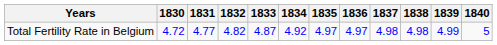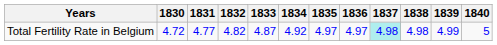 <table class="wikitable " style="text-align:right">
 <tr>
 <th>Years</th>
 <th>1830</th>
 <th>1831</th>
 <th>1832</th>
 <th>1833</th>
 <th>1834</th>
 <th>1835</th>
 <th>1836</th>
 <th>1837</th>
 <th>1838</th>
 <th>1839</th>
 <th>1840</th>
 </tr>
 <tr>
 <td align="left">Total Fertility Rate in Belgium</td>
 <td style="text-align:right; color:blue;">4.72</td>
 <td style="text-align:right; color:blue;">4.77</td>
 <td style="text-align:right; color:blue;">4.82</td>
 <td style="text-align:right; color:blue;">4.87</td>
 <td style="text-align:right; color:blue;">4.92</td>
 <td style="text-align:right; color:blue;">4.97</td>
 <td style="text-align:right; color:blue;">4.97</td>
-<td style="text-align:right; color:blue;">4.98</td>
+<td style="background: paleturquoise; text-align:right; color:blue;">4.98</td>
 <td style="text-align:right; color:blue;">4.98</td>
 <td style="text-align:right; color:blue;">4.99</td>
 <td style="text-align:right; color:blue;">5</td>
 </tr>
 </table>
